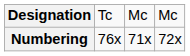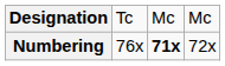 <table class="wikitable">
 <tr>
 <th>Designation</th>
 <td>Tc</td>
 <td>Mc</td>
 <td>Mc</td>
 </tr>
 <tr>
 <th>Numbering</th>
 <td>76x</td>
-<td>71x</td>
+<td><strong>71x</strong></td>
 <td>72x</td>
 </tr>
 </table>
